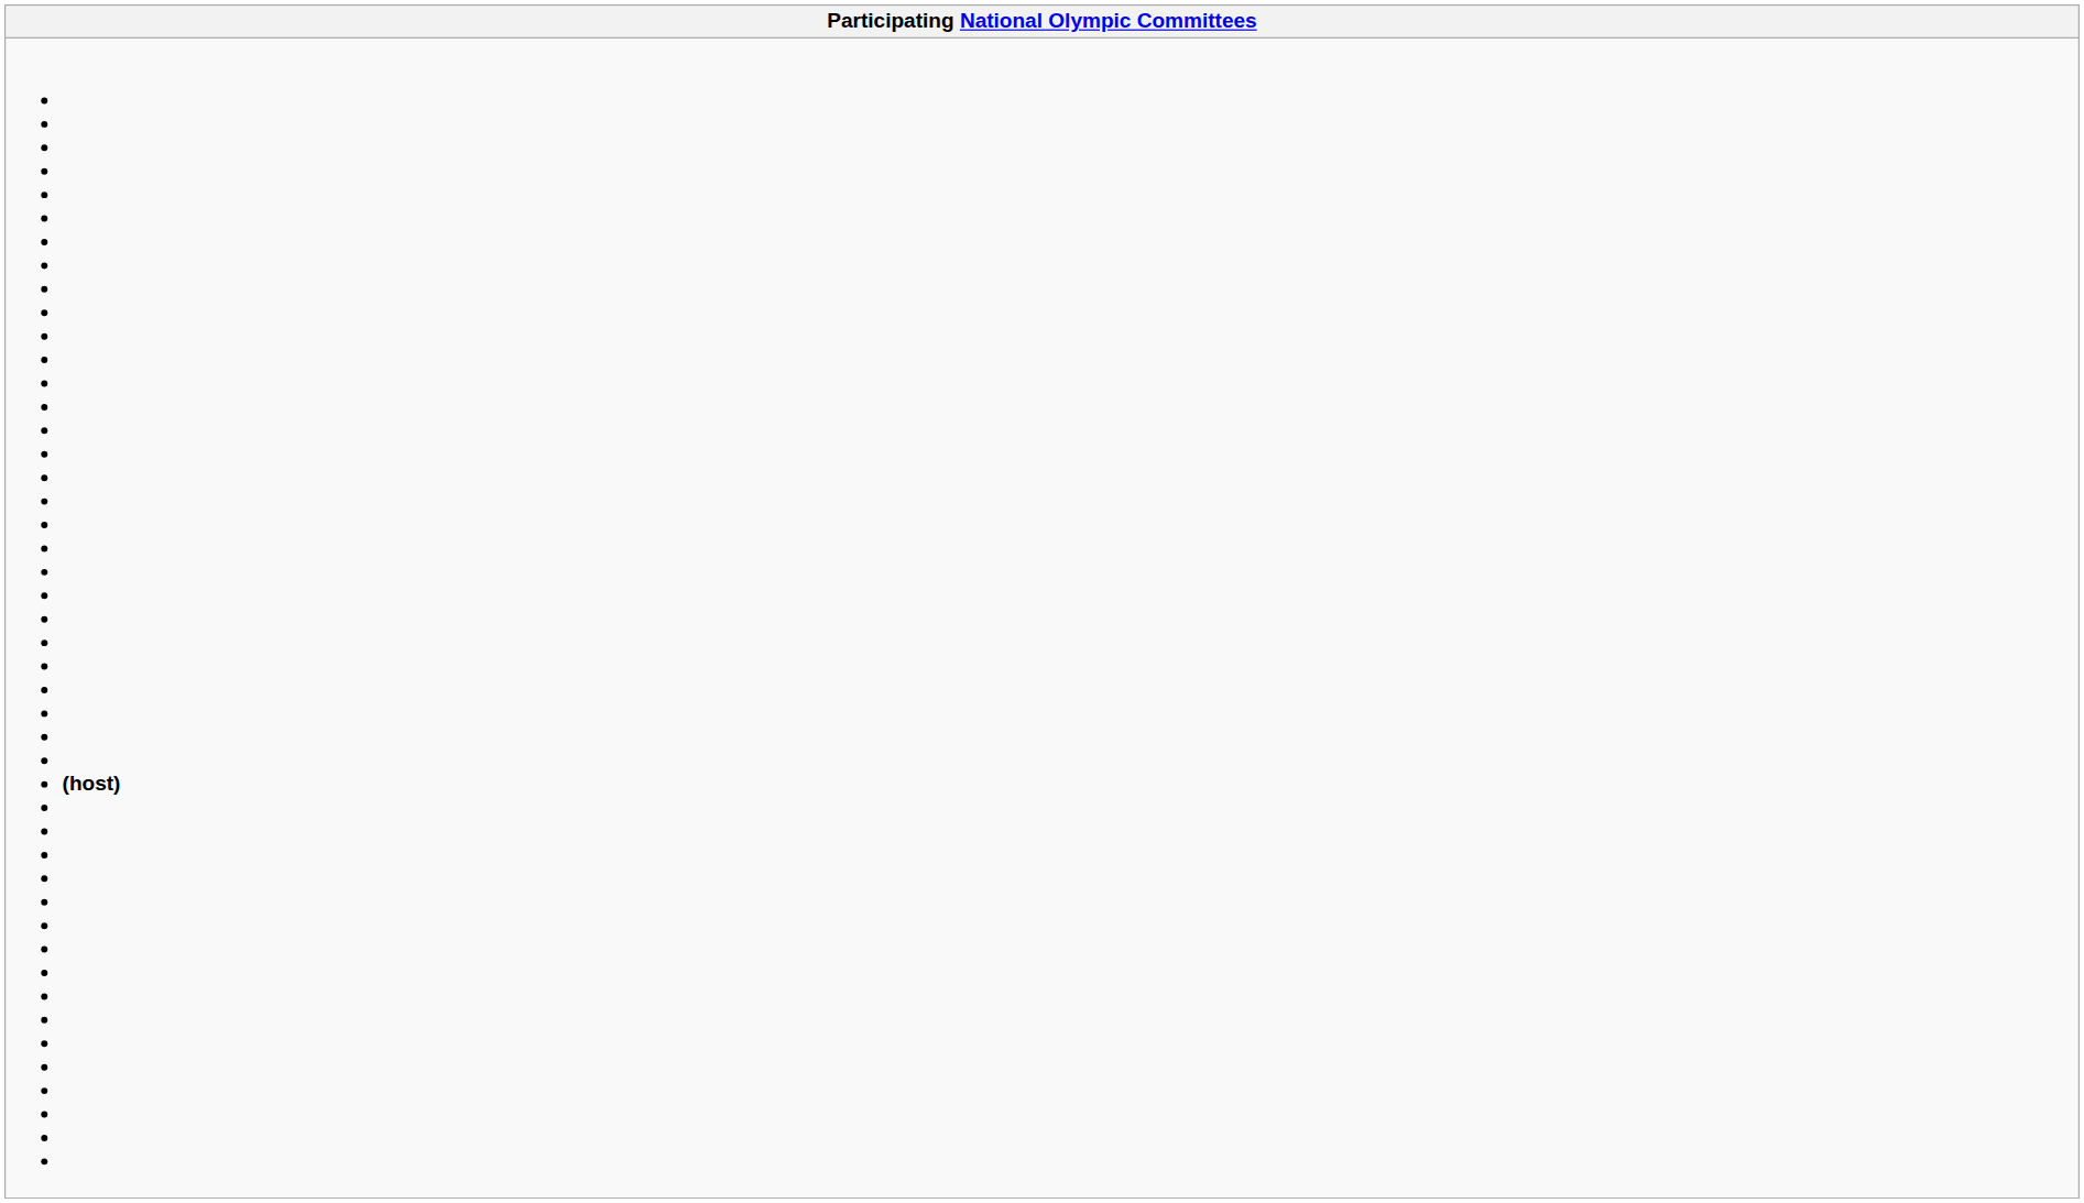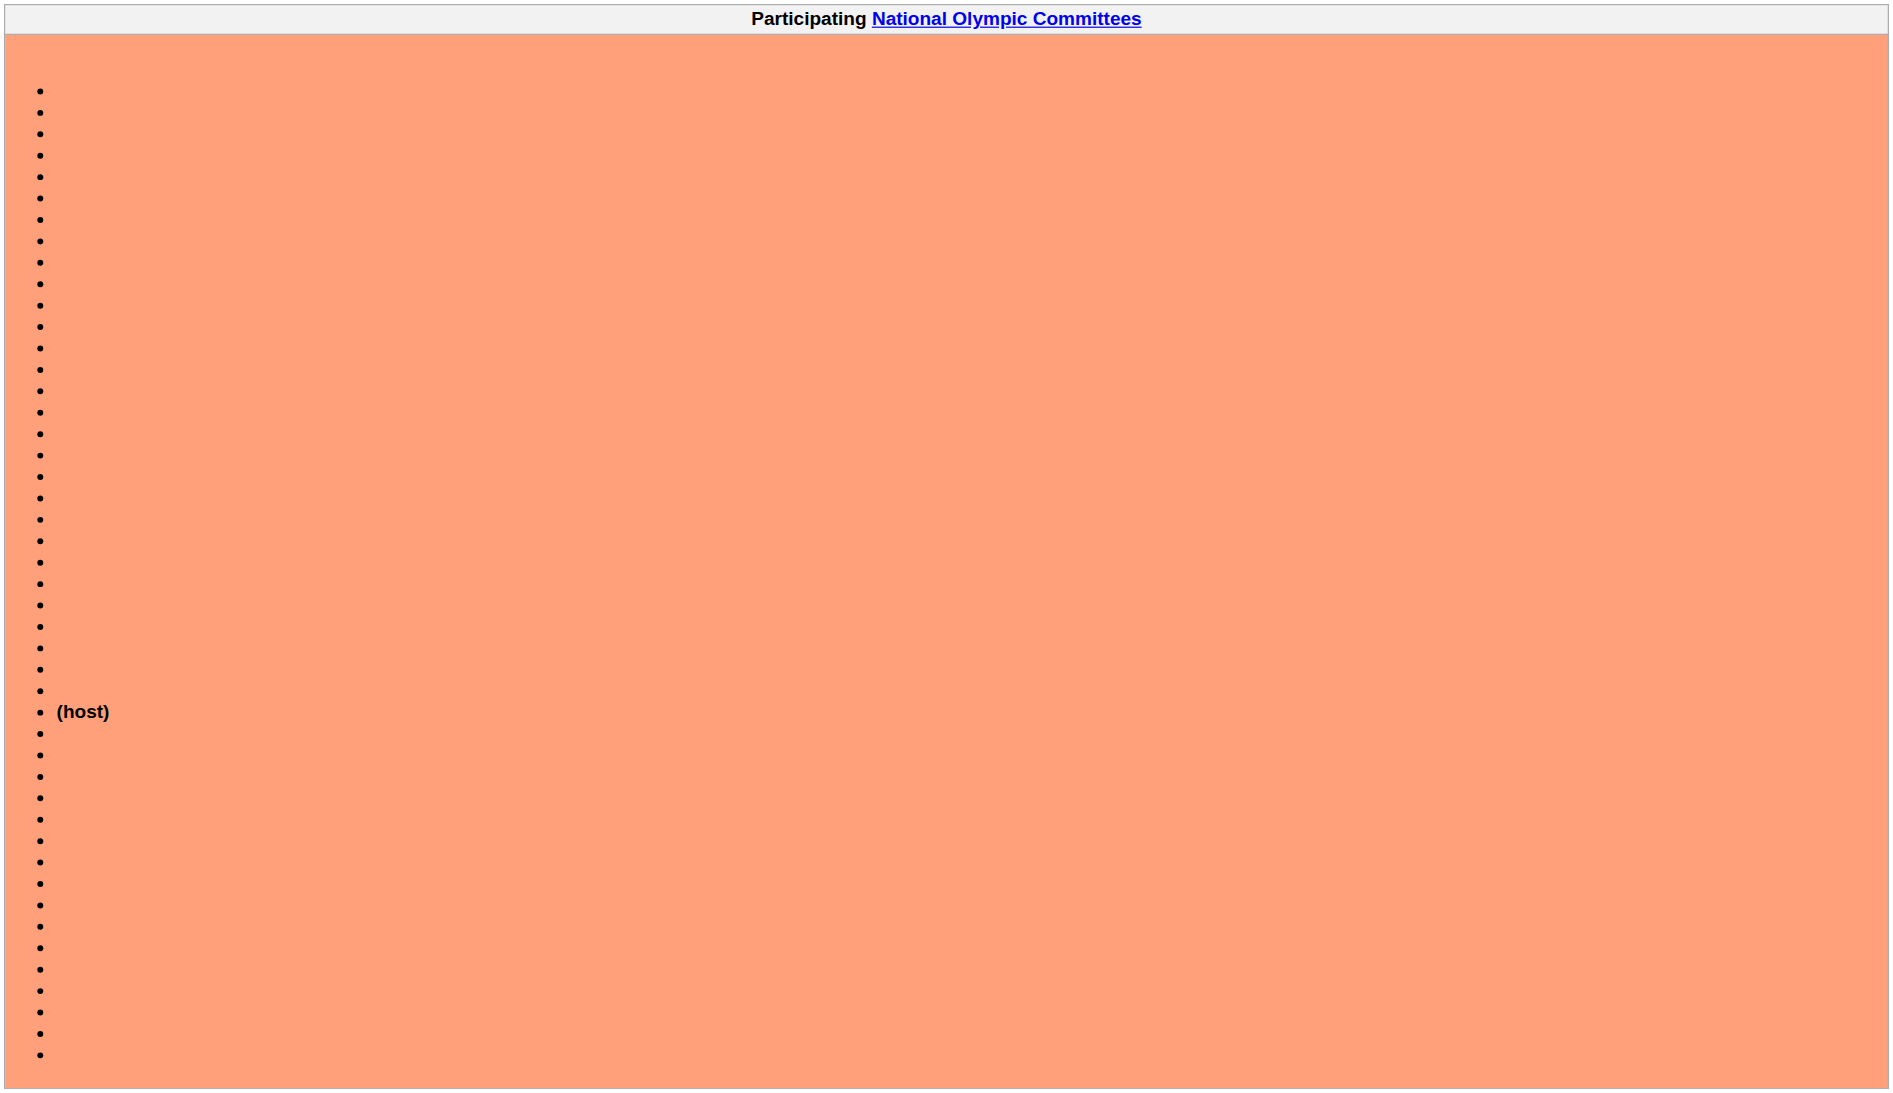 <table class="wikitable collapsible" style="width:100%;">
 <tr>
 <th>Participating <a href='#'>National Olympic Committees</a></th>
 </tr>
 <tr>
-<td><br><ul><li></li><li></li><li></li><li></li><li></li><li></li><li></li><li></li><li></li><li></li><li></li><li></li><li></li><li></li><li></li><li></li><li></li><li></li><li></li><li></li><li></li><li></li><li></li><li></li><li></li><li></li><li></li><li></li><li></li><li> <strong>(host)</strong></li><li></li><li></li><li></li><li></li><li></li><li></li><li></li><li></li><li></li><li></li><li></li><li></li><li></li><li></li><li></li><li></li></ul></td>
+<td style="background: lightsalmon;"><br><ul><li></li><li></li><li></li><li></li><li></li><li></li><li></li><li></li><li></li><li></li><li></li><li></li><li></li><li></li><li></li><li></li><li></li><li></li><li></li><li></li><li></li><li></li><li></li><li></li><li></li><li></li><li></li><li></li><li></li><li> <strong>(host)</strong></li><li></li><li></li><li></li><li></li><li></li><li></li><li></li><li></li><li></li><li></li><li></li><li></li><li></li><li></li><li></li><li></li></ul></td>
 </tr>
 </table>
